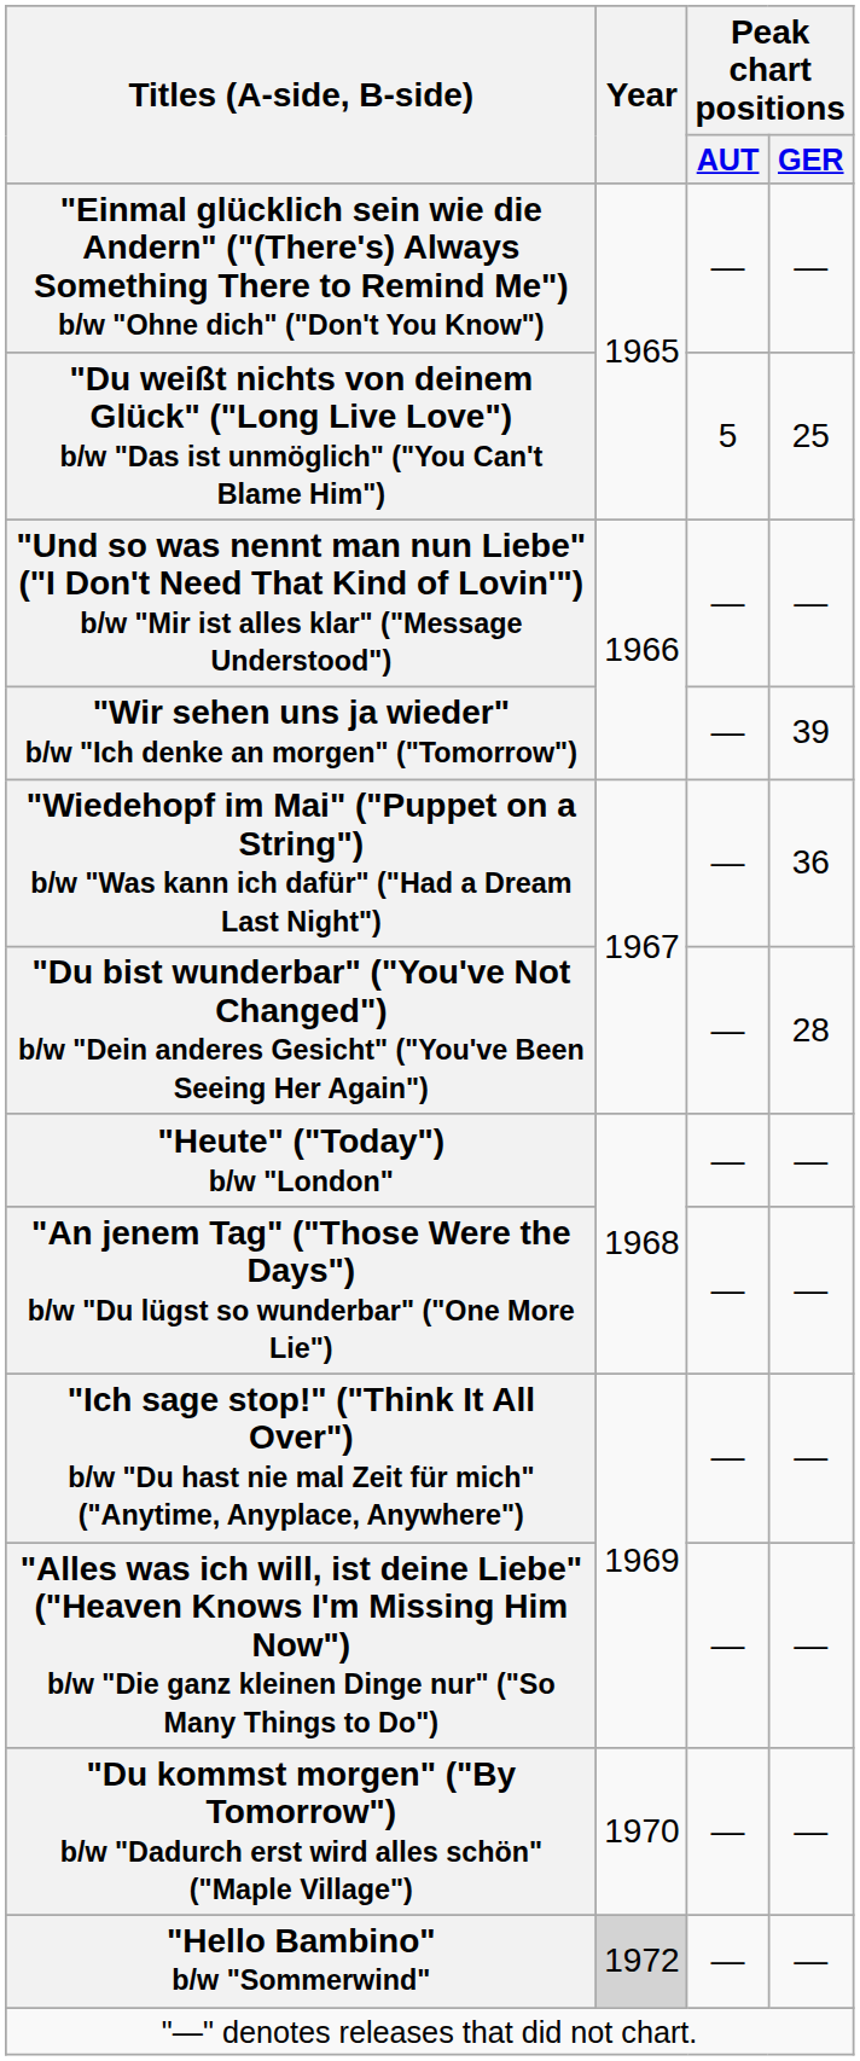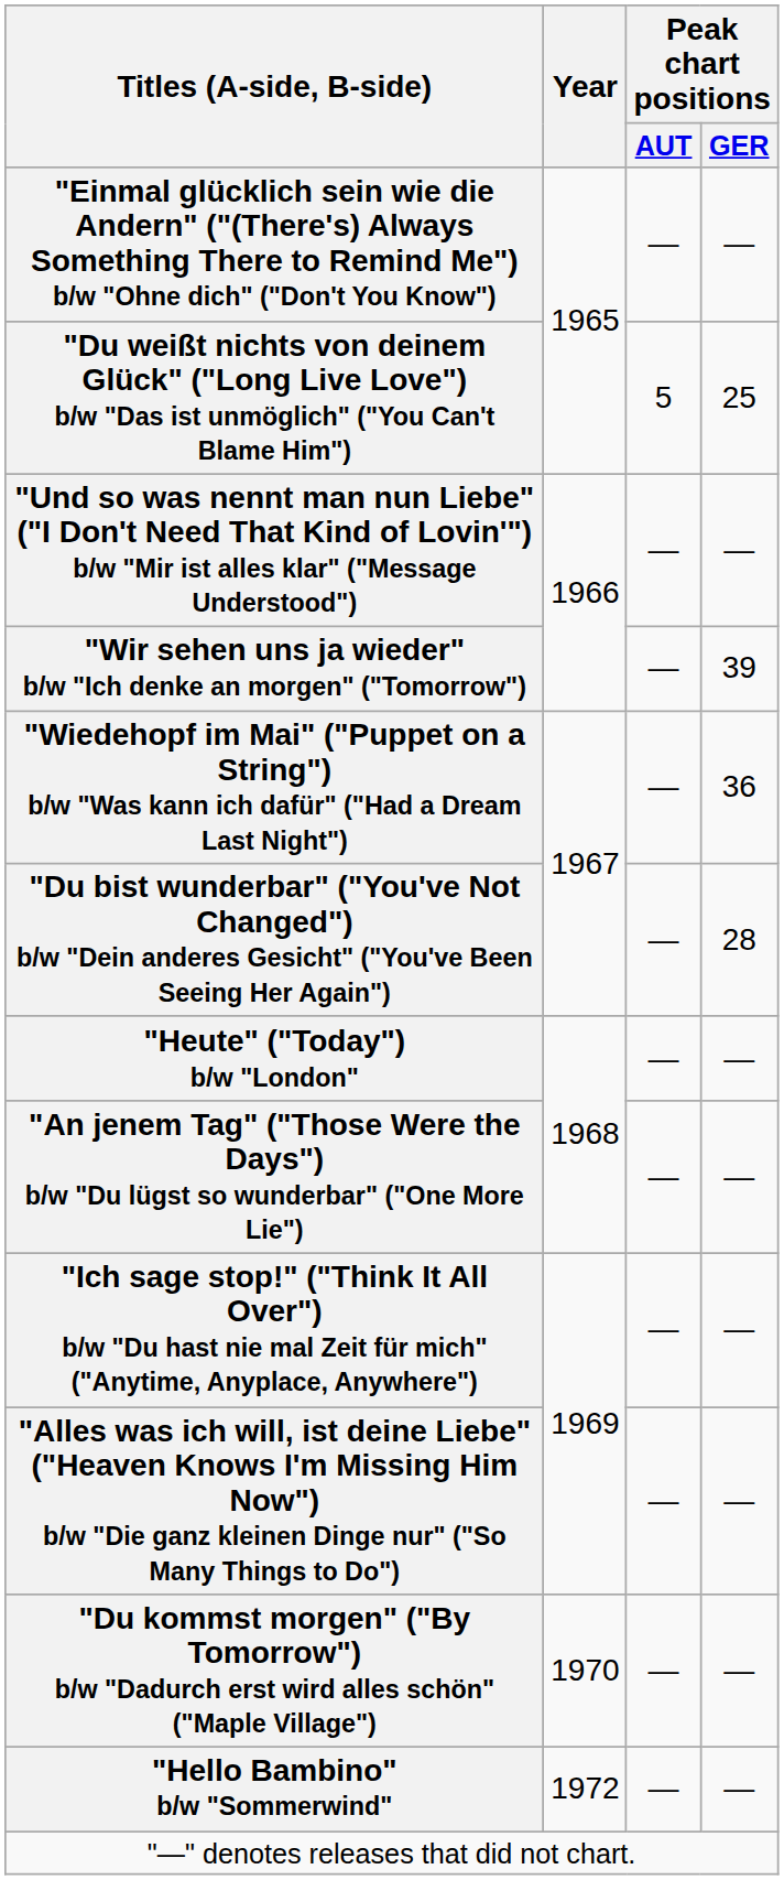 <table class="wikitable plainrowheaders" style="text-align:center;">
 <tr>
 <th rowspan="2" scope="col" style="width:17em;">Titles (A-side, B-side)</th>
 <th rowspan="2" scope="col" style="width:2em;">Year</th>
 <th colspan="2">Peak chart positions</th>
 </tr>
 <tr>
 <th scope="col" style="width:2em;font-size:90%;"><a href='#'>AUT</a><br></th>
 <th scope="col" style="width:2em;font-size:90%;"><a href='#'>GER</a><br></th>
 </tr>
 <tr>
 <th scope="row">"Einmal glücklich sein wie die Andern" ("(There's) Always Something There to Remind Me")<br><small>b/w "Ohne dich" ("Don't You Know")</small></th>
 <td rowspan="2">1965</td>
 <td>—</td>
 <td>—</td>
 </tr>
 <tr>
 <th scope="row">"Du weißt nichts von deinem Glück" ("Long Live Love")<br><small>b/w "Das ist unmöglich" ("You Can't Blame Him")</small></th>
 <td>5</td>
 <td>25</td>
 </tr>
 <tr>
 <th scope="row">"Und so was nennt man nun Liebe" ("I Don't Need That Kind of Lovin'")<br><small>b/w "Mir ist alles klar" ("Message Understood")</small></th>
 <td rowspan="2">1966</td>
 <td>—</td>
 <td>—</td>
 </tr>
 <tr>
 <th scope="row">"Wir sehen uns ja wieder"<br><small>b/w "Ich denke an morgen" ("Tomorrow")</small></th>
 <td>—</td>
 <td>39</td>
 </tr>
 <tr>
 <th scope="row">"Wiedehopf im Mai" ("Puppet on a String") <br><small>b/w "Was kann ich dafür" ("Had a Dream Last Night")</small></th>
 <td rowspan="2">1967</td>
 <td>—</td>
 <td>36</td>
 </tr>
 <tr>
 <th scope="row">"Du bist wunderbar" ("You've Not Changed")<br><small>b/w "Dein anderes Gesicht" ("You've Been Seeing Her Again")</small></th>
 <td>—</td>
 <td>28</td>
 </tr>
 <tr>
 <th scope="row">"Heute" ("Today")<br><small>b/w "London"</small></th>
 <td rowspan="2">1968</td>
 <td>—</td>
 <td>—</td>
 </tr>
 <tr>
 <th scope="row">"An jenem Tag" ("Those Were the Days")<br><small>b/w "Du lügst so wunderbar" ("One More Lie")</small></th>
 <td>—</td>
 <td>—</td>
 </tr>
 <tr>
 <th scope="row">"Ich sage stop!" ("Think It All Over")<br><small>b/w "Du hast nie mal Zeit für mich" ("Anytime, Anyplace, Anywhere")</small></th>
 <td rowspan="2">1969</td>
 <td>—</td>
 <td>—</td>
 </tr>
 <tr>
 <th scope="row">"Alles was ich will, ist deine Liebe" ("Heaven Knows I'm Missing Him Now")<br><small>b/w "Die ganz kleinen Dinge nur" ("So Many Things to Do")</small></th>
 <td>—</td>
 <td>—</td>
 </tr>
 <tr>
 <th scope="row">"Du kommst morgen" ("By Tomorrow")<br><small>b/w "Dadurch erst wird alles schön" ("Maple Village")</small></th>
 <td>1970</td>
 <td>—</td>
 <td>—</td>
 </tr>
 <tr>
 <th scope="row">"Hello Bambino"<br><small>b/w "Sommerwind"</small></th>
-<td style="background: lightgrey;">1972</td>
+<td>1972</td>
 <td>—</td>
 <td>—</td>
 </tr>
 <tr>
 <td colspan="4" style="font-size:90%">"—" denotes releases that did not chart.</td>
 </tr>
 </table>
